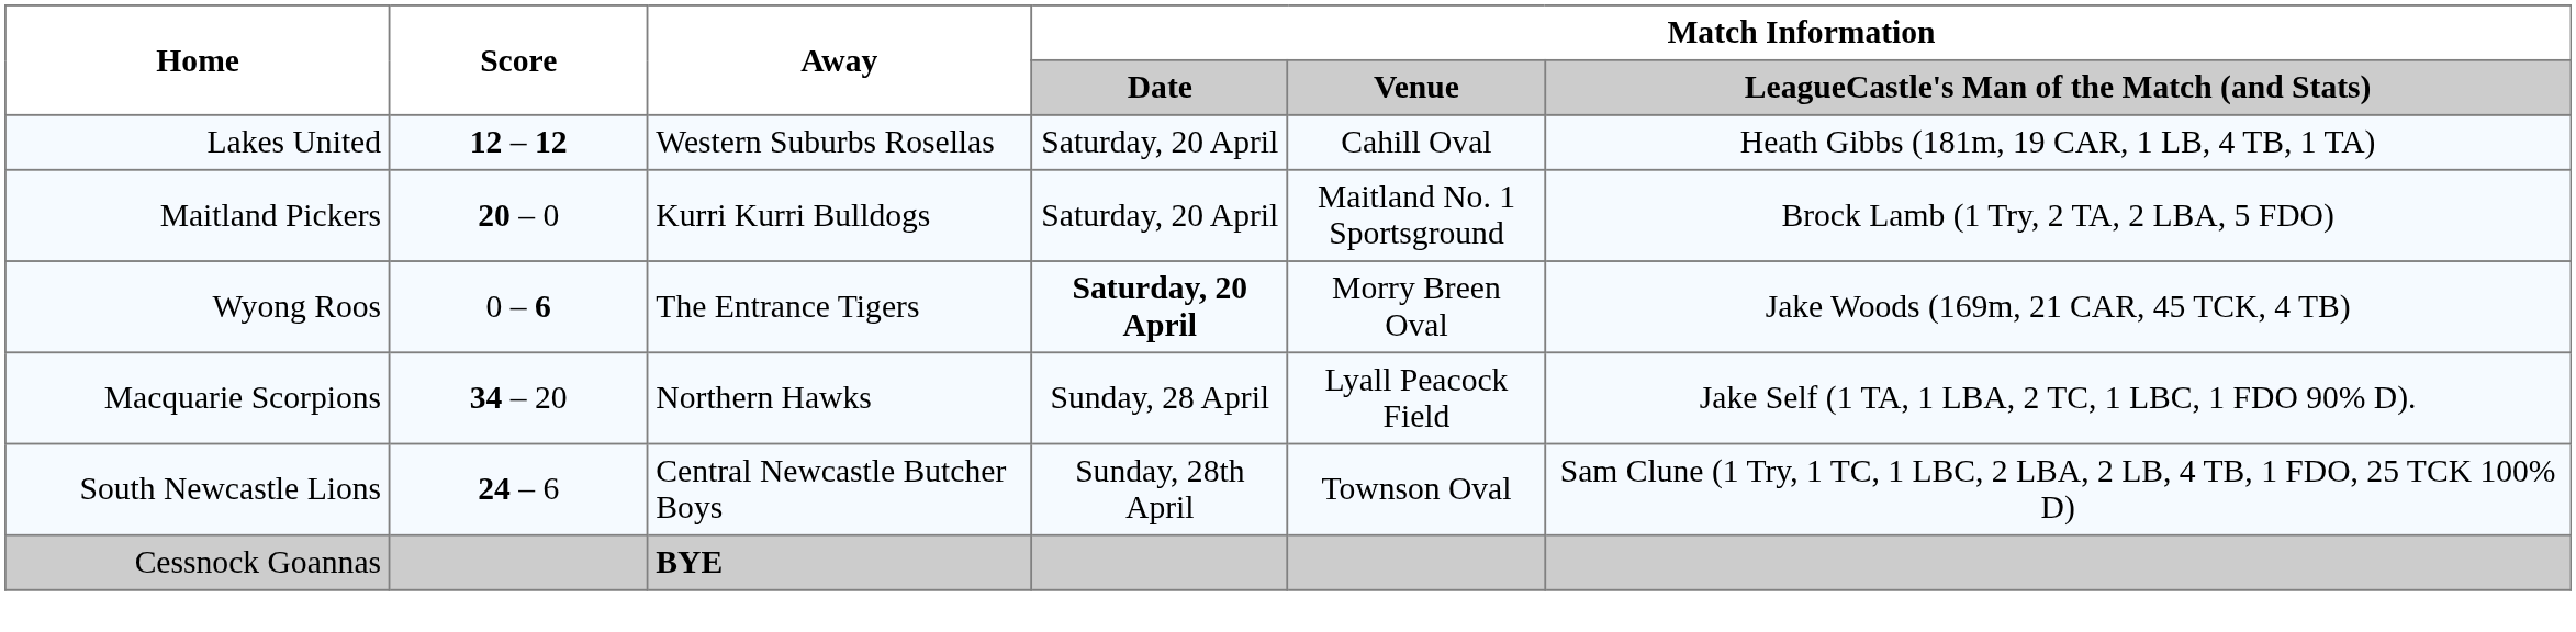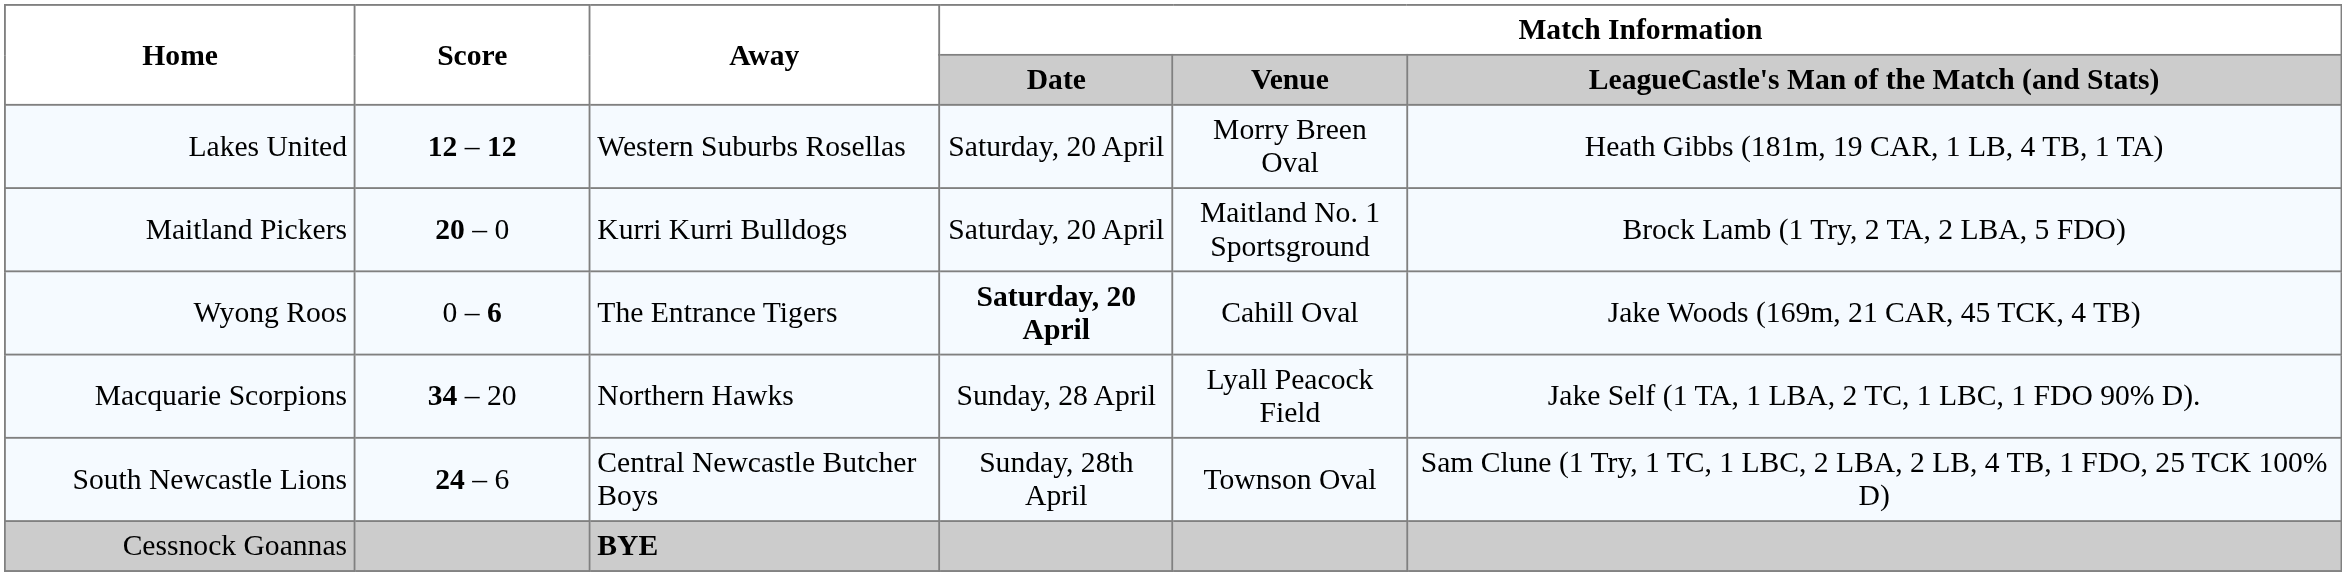 <table width="100%" cellspacing="0" cellpadding="4" border="1" style="border-collapse:collapse;  text-align:center;">
 <tr>
 <th rowspan="2" width="15%">Home</th>
 <th rowspan="2" width="10%">Score</th>
 <th rowspan="2" width="15%">Away</th>
 <th colspan="4">Match Information</th>
 </tr>
 <tr style="background:#CCCCCC">
 <th width="10%">Date</th>
 <th width="10%">Venue</th>
 <th width="40%">LeagueCastle's Man of the Match (and Stats)</th>
 </tr>
 <tr style="text-align:center; background:#f5faff;">
 <td align="right"> Lakes United</td>
 <td><strong>12</strong> – <strong>12</strong></td>
 <td align="left"> Western Suburbs Rosellas</td>
 <td>Saturday, 20 April</td>
-<td>Cahill Oval</td>
+<td>Morry Breen Oval</td>
 <td>Heath Gibbs  (181m, 19 CAR, 1 LB, 4 TB, 1 TA)</td>
 </tr>
 <tr style="text-align:center; background:#f5faff;">
 <td align="right"> Maitland Pickers</td>
 <td><strong>20</strong> – 0</td>
 <td align="left"> Kurri Kurri Bulldogs</td>
 <td>Saturday, 20 April</td>
 <td>Maitland No. 1 Sportsground</td>
 <td>Brock Lamb  (1 Try, 2 TA, 2 LBA, 5 FDO)</td>
 </tr>
 <tr style="text-align:center; background:#f5faff;">
 <td align="right"> Wyong Roos</td>
 <td>0 – <strong>6</strong></td>
 <td align="left"> The Entrance Tigers</td>
 <td><strong>Saturday, 20 April</strong></td>
-<td>Morry Breen Oval</td>
+<td>Cahill Oval</td>
 <td>Jake Woods  (169m, 21 CAR, 45 TCK, 4 TB)</td>
 </tr>
 <tr style="text-align:center; background:#f5faff;">
 <td align="right"> Macquarie Scorpions</td>
 <td><strong>34</strong> – 20</td>
 <td align="Left"> Northern Hawks</td>
 <td>Sunday, 28 April</td>
 <td>Lyall Peacock Field</td>
 <td>Jake Self  (1 TA, 1 LBA, 2 TC, 1 LBC, 1 FDO 90% D).</td>
 </tr>
 <tr style="text-align:center; background:#f5faff;">
 <td align="right"> South Newcastle Lions</td>
 <td><strong>24</strong> – 6</td>
 <td align="left"> Central Newcastle Butcher Boys</td>
 <td>Sunday, 28th April</td>
 <td>Townson Oval</td>
 <td>Sam Clune  (1 Try, 1 TC, 1 LBC, 2 LBA, 2 LB, 4 TB, 1 FDO, 25 TCK 100% D)</td>
 </tr>
 <tr style="text-align:center; background:#CCCCCC;">
 <td align="right"> Cessnock Goannas</td>
 <td></td>
 <td align="left"><strong>BYE</strong></td>
 <td></td>
 <td></td>
 <td></td>
 </tr>
 </table>
